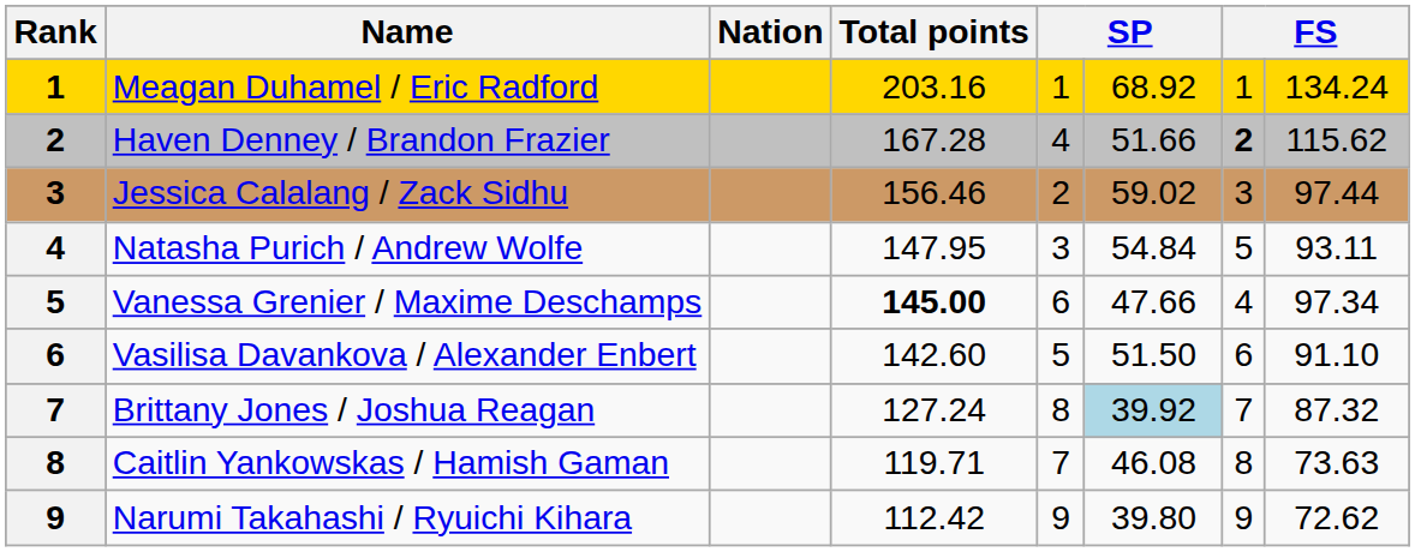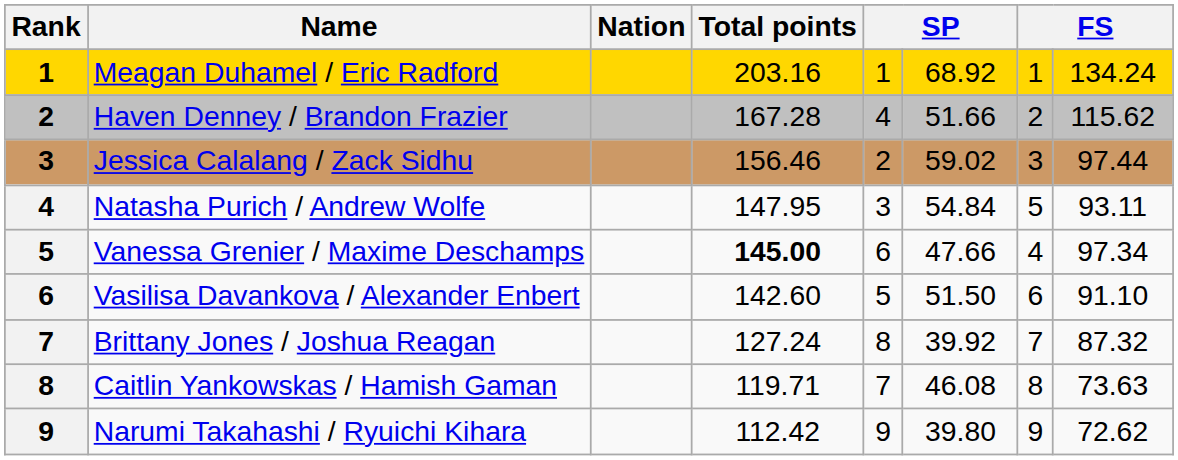 <table class="wikitable sortable">
 <tr>
 <th>Rank</th>
 <th>Name</th>
 <th>Nation</th>
 <th>Total points</th>
 <th colspan="2" width="80px"><a href='#'>SP</a></th>
 <th colspan="2" width="80px"><a href='#'>FS</a></th>
 </tr>
 <tr bgcolor="gold">
 <td align="center"><strong>1</strong></td>
 <td><a href='#'>Meagan Duhamel</a> / <a href='#'>Eric Radford</a></td>
 <td></td>
 <td align="center">203.16</td>
 <td align="center">1</td>
 <td align="center">68.92</td>
 <td align="center">1</td>
 <td align="center">134.24</td>
 </tr>
 <tr bgcolor="silver">
 <td align="center"><strong>2</strong></td>
 <td><a href='#'>Haven Denney</a> / <a href='#'>Brandon Frazier</a></td>
 <td></td>
 <td align="center">167.28</td>
 <td align="center">4</td>
 <td align="center">51.66</td>
-<td align="center"><strong>2</strong></td>
+<td align="center">2</td>
 <td align="center">115.62</td>
 </tr>
 <tr bgcolor="cc9966">
 <td align="center"><strong>3</strong></td>
 <td><a href='#'>Jessica Calalang</a> / <a href='#'>Zack Sidhu</a></td>
 <td></td>
 <td align="center">156.46</td>
 <td align="center">2</td>
 <td align="center">59.02</td>
 <td align="center">3</td>
 <td align="center">97.44</td>
 </tr>
 <tr>
 <th>4</th>
 <td><a href='#'>Natasha Purich</a> / <a href='#'>Andrew Wolfe</a></td>
 <td></td>
 <td align="center">147.95</td>
 <td align="center">3</td>
 <td align="center">54.84</td>
 <td align="center">5</td>
 <td align="center">93.11</td>
 </tr>
 <tr>
 <th>5</th>
 <td><a href='#'>Vanessa Grenier</a> / <a href='#'>Maxime Deschamps</a></td>
 <td></td>
 <td align="center"><strong>145.00</strong></td>
 <td align="center">6</td>
 <td align="center">47.66</td>
 <td align="center">4</td>
 <td align="center">97.34</td>
 </tr>
 <tr>
 <th>6</th>
 <td><a href='#'>Vasilisa Davankova</a> / <a href='#'>Alexander Enbert</a></td>
 <td></td>
 <td align="center">142.60</td>
 <td align="center">5</td>
 <td align="center">51.50</td>
 <td align="center">6</td>
 <td align="center">91.10</td>
 </tr>
 <tr>
 <th>7</th>
 <td><a href='#'>Brittany Jones</a> / <a href='#'>Joshua Reagan</a></td>
 <td></td>
 <td align="center">127.24</td>
 <td align="center">8</td>
-<td align="center" style="background: lightblue;">39.92</td>
+<td align="center">39.92</td>
 <td align="center">7</td>
 <td align="center">87.32</td>
 </tr>
 <tr>
 <th>8</th>
 <td><a href='#'>Caitlin Yankowskas</a> / <a href='#'>Hamish Gaman</a></td>
 <td></td>
 <td align="center">119.71</td>
 <td align="center">7</td>
 <td align="center">46.08</td>
 <td align="center">8</td>
 <td align="center">73.63</td>
 </tr>
 <tr>
 <th>9</th>
 <td><a href='#'>Narumi Takahashi</a> / <a href='#'>Ryuichi Kihara</a></td>
 <td></td>
 <td align="center">112.42</td>
 <td align="center">9</td>
 <td align="center">39.80</td>
 <td align="center">9</td>
 <td align="center">72.62</td>
 </tr>
 </table>
